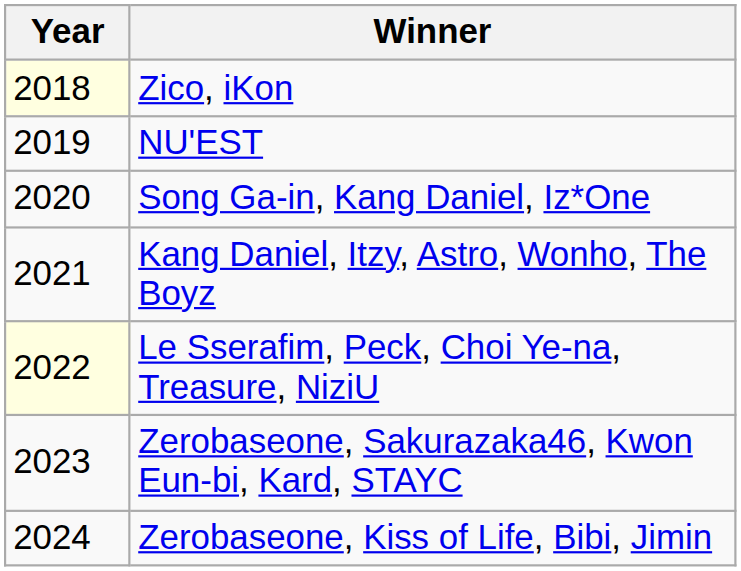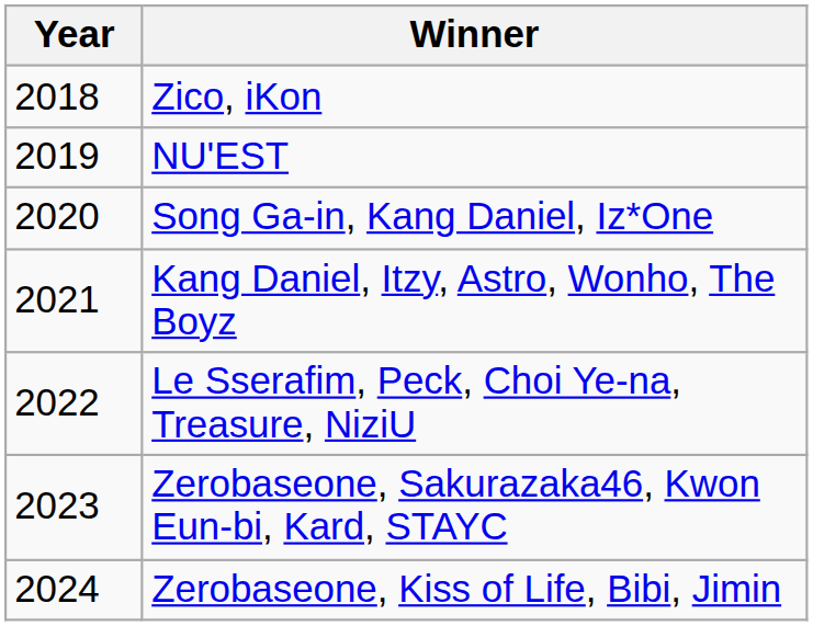 <table class="wikitable">
 <tr align=center>
 <th style="width:50px">Year</th>
 <th style="width:270px">Winner</th>
 </tr>
 <tr>
-<td style="background: lightyellow;">2018</td>
+<td>2018</td>
 <td><a href='#'>Zico</a>, <a href='#'>iKon</a></td>
 </tr>
 <tr>
 <td>2019</td>
 <td><a href='#'>NU'EST</a></td>
 </tr>
 <tr>
 <td>2020</td>
 <td><a href='#'>Song Ga-in</a>, <a href='#'>Kang Daniel</a>, <a href='#'>Iz*One</a></td>
 </tr>
 <tr>
 <td>2021</td>
 <td><a href='#'>Kang Daniel</a>, <a href='#'>Itzy</a>, <a href='#'>Astro</a>, <a href='#'>Wonho</a>, <a href='#'>The Boyz</a></td>
 </tr>
 <tr>
-<td style="background: lightyellow;">2022</td>
+<td>2022</td>
 <td><a href='#'>Le Sserafim</a>, <a href='#'>Peck</a>, <a href='#'>Choi Ye-na</a>, <a href='#'>Treasure</a>, <a href='#'>NiziU</a></td>
 </tr>
 <tr>
 <td>2023</td>
 <td><a href='#'>Zerobaseone</a>, <a href='#'>Sakurazaka46</a>, <a href='#'>Kwon Eun-bi</a>, <a href='#'>Kard</a>, <a href='#'>STAYC</a></td>
 </tr>
 <tr>
 <td>2024</td>
 <td><a href='#'>Zerobaseone</a>, <a href='#'>Kiss of Life</a>, <a href='#'>Bibi</a>, <a href='#'>Jimin</a></td>
 </tr>
 </table>
